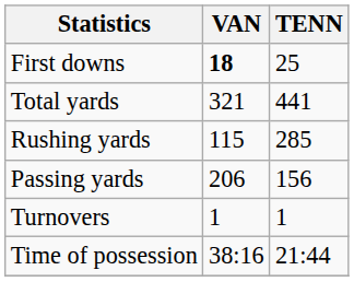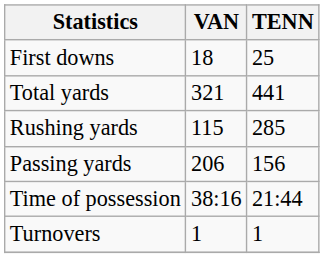 <table class="wikitable" style="float: left;">
 <tr>
 <th>Statistics</th>
 <th>VAN</th>
 <th>TENN</th>
 </tr>
 <tr>
 <td>First downs</td>
-<td><strong>18</strong></td>
+<td>18</td>
 <td>25</td>
 </tr>
 <tr>
 <td>Total yards</td>
 <td>321</td>
 <td>441</td>
 </tr>
 <tr>
 <td>Rushing yards</td>
 <td>115</td>
 <td>285</td>
 </tr>
 <tr>
 <td>Passing yards</td>
 <td>206</td>
 <td>156</td>
 </tr>
 <tr>
+<td>Time of possession</td>
+<td>38:16</td>
+<td>21:44</td>
+</tr>
+<tr>
 <td>Turnovers</td>
 <td>1</td>
 <td>1</td>
 </tr>
 <tr>
-<td>Time of possession</td>
-<td>38:16</td>
-<td>21:44</td>
-</tr>
-<tr>
 </tr>
 </table>
